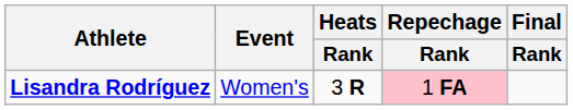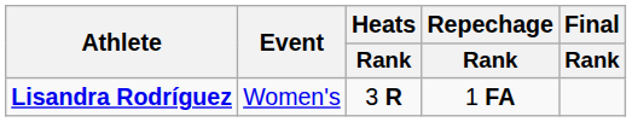 <table class=wikitable style="font-size:90%;">
 <tr>
 <th rowspan=2>Athlete</th>
 <th rowspan=2>Event</th>
 <th>Heats</th>
 <th>Repechage</th>
 <th>Final</th>
 </tr>
 <tr style="font-size:95%">
 <th>Rank</th>
 <th>Rank</th>
 <th>Rank</th>
 </tr>
 <tr align=center>
 <td align=left><strong><a href='#'>Lisandra Rodríguez</a></strong></td>
 <td align=left><a href='#'>Women's</a></td>
 <td>3 <strong>R</strong></td>
-<td style="background: pink;">1 <strong>FA</strong></td>
+<td>1 <strong>FA</strong></td>
 <td></td>
 </tr>
 </table>
